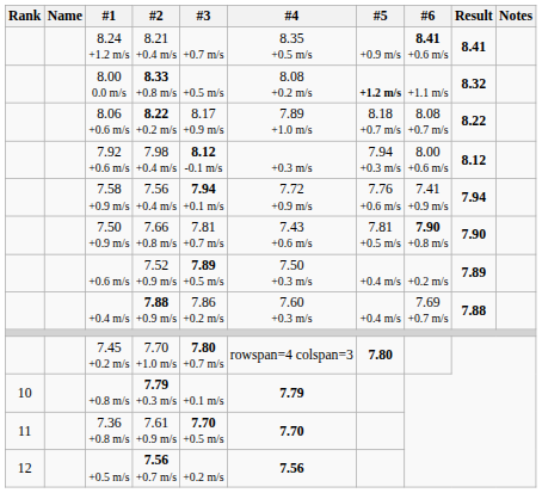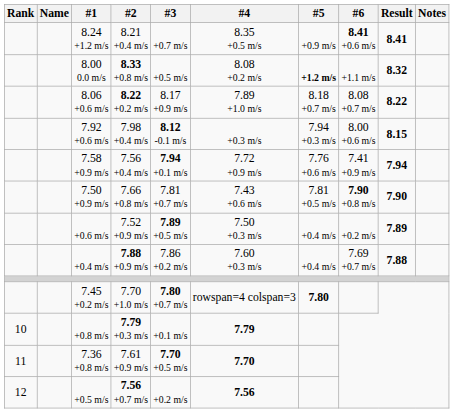 <table class="wikitable sortable" style="text-align:center">
 <tr>
 <th>Rank</th>
 <th>Name</th>
 <th>#1</th>
 <th>#2</th>
 <th>#3</th>
 <th>#4</th>
 <th>#5</th>
 <th>#6</th>
 <th>Result</th>
 <th>Notes</th>
 </tr>
 <tr>
 <td></td>
 <td align="left"></td>
 <td>8.24<br><small>+1.2 m/s</small></td>
 <td>8.21<br><small>+0.4 m/s</small></td>
 <td><br><small>+0.7 m/s</small></td>
 <td>8.35<br><small>+0.5 m/s</small></td>
 <td><br><small>+0.9 m/s</small></td>
 <td><strong>8.41</strong><br><small>+0.6 m/s</small></td>
 <td><strong>8.41</strong></td>
 <td><strong></strong></td>
 </tr>
 <tr>
 <td></td>
 <td align="left"></td>
 <td>8.00<br><small>0.0 m/s</small></td>
 <td><strong>8.33</strong><br><small>+0.8 m/s</small></td>
 <td><br><small>+0.5 m/s</small></td>
 <td>8.08<br><small>+0.2 m/s</small></td>
 <td><strong><br><small>+1.2 m/s</small></strong></td>
 <td><br><small>+1.1 m/s</small></td>
 <td><strong>8.32</strong></td>
 <td></td>
 </tr>
 <tr>
 <td></td>
 <td align="left"></td>
 <td>8.06<br><small>+0.6 m/s</small></td>
 <td><strong>8.22</strong><br><small>+0.2 m/s</small></td>
 <td>8.17<br><small>+0.9 m/s</small></td>
 <td>7.89<br><small>+1.0 m/s</small></td>
 <td>8.18<br><small>+0.7 m/s</small></td>
 <td>8.08<br><small>+0.7 m/s</small></td>
 <td><strong>8.22</strong></td>
 <td></td>
 </tr>
 <tr>
 <td></td>
 <td align="left"></td>
 <td>7.92<br><small>+0.6 m/s</small></td>
 <td>7.98<br><small>+0.4 m/s</small></td>
 <td><strong>8.12</strong><br><small>-0.1 m/s</small></td>
 <td><br><small>+0.3 m/s</small></td>
 <td>7.94<br><small>+0.3 m/s</small></td>
 <td>8.00<br><small>+0.6 m/s</small></td>
-<td><strong>8.12</strong></td>
+<td><strong>8.15</strong></td>
 <td></td>
 </tr>
 <tr>
 <td></td>
 <td align="left"></td>
 <td>7.58<br><small>+0.9 m/s</small></td>
 <td>7.56<br><small>+0.4 m/s</small></td>
 <td><strong>7.94</strong><br><small>+0.1 m/s</small></td>
 <td>7.72<br><small>+0.9 m/s</small></td>
 <td>7.76<br><small>+0.6 m/s</small></td>
 <td>7.41<br><small>+0.9 m/s</small></td>
 <td><strong>7.94</strong></td>
 <td></td>
 </tr>
 <tr>
 <td></td>
 <td align="left"></td>
 <td>7.50<br><small>+0.9 m/s</small></td>
 <td>7.66<br><small>+0.8 m/s</small></td>
 <td>7.81<br><small>+0.7 m/s</small></td>
 <td>7.43<br><small>+0.6 m/s</small></td>
 <td>7.81<br><small>+0.5 m/s</small></td>
 <td><strong>7.90</strong><br><small>+0.8 m/s</small></td>
 <td><strong>7.90</strong></td>
 <td></td>
 </tr>
 <tr>
 <td></td>
 <td align="left"></td>
 <td><br><small>+0.6 m/s</small></td>
 <td>7.52<br><small>+0.9 m/s</small></td>
 <td><strong>7.89</strong><br><small>+0.5 m/s</small></td>
 <td>7.50<br><small>+0.3 m/s</small></td>
 <td><br><small>+0.4 m/s</small></td>
 <td><br><small>+0.2 m/s</small></td>
 <td><strong>7.89</strong></td>
 <td></td>
 </tr>
 <tr>
 <td></td>
 <td align="left"></td>
 <td><br><small>+0.4 m/s</small></td>
 <td><strong>7.88</strong><br><small>+0.9 m/s</small></td>
 <td>7.86<br><small>+0.2 m/s</small></td>
 <td>7.60<br><small>+0.3 m/s</small></td>
 <td><br><small>+0.4 m/s</small></td>
 <td>7.69<br><small>+0.7 m/s</small></td>
 <td><strong>7.88</strong></td>
 <td></td>
 </tr>
 <tr>
 <td colspan=10 bgcolor=lightgray></td>
 </tr>
 <tr>
 <td></td>
 <td align="left"></td>
 <td>7.45<br><small>+0.2 m/s</small></td>
 <td>7.70<br><small>+1.0 m/s</small></td>
 <td><strong>7.80</strong><br><small>+0.7 m/s</small></td>
 <td>rowspan=4 colspan=3 </td>
 <td><strong>7.80</strong></td>
 <td></td>
 </tr>
 <tr>
 <td>10</td>
 <td align="left"></td>
 <td><br><small>+0.8 m/s</small></td>
 <td><strong>7.79</strong><br><small>+0.3 m/s</small></td>
 <td><br><small>+0.1 m/s</small></td>
 <td><strong>7.79</strong></td>
 <td></td>
 </tr>
 <tr>
 <td>11</td>
 <td align="left"></td>
 <td>7.36<br><small>+0.8 m/s</small></td>
 <td>7.61<br><small>+0.9 m/s</small></td>
 <td><strong>7.70</strong><br><small>+0.5 m/s</small></td>
 <td><strong>7.70</strong></td>
 <td></td>
 </tr>
 <tr>
 <td>12</td>
 <td align="left"></td>
 <td><br><small>+0.5 m/s</small></td>
 <td><strong>7.56</strong><br><small>+0.7 m/s</small></td>
 <td><br><small>+0.2 m/s</small></td>
 <td><strong>7.56</strong></td>
 <td></td>
 </tr>
 </table>
